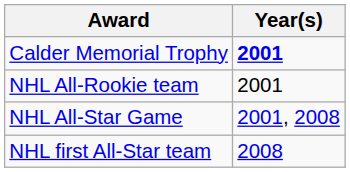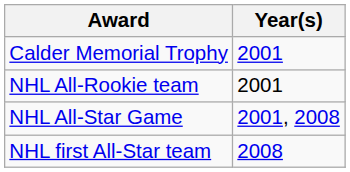 <table class="wikitable">
 <tr>
 <th>Award</th>
 <th>Year(s)</th>
 </tr>
 <tr>
 <td><a href='#'>Calder Memorial Trophy</a></td>
-<td><strong><a href='#'>2001</a></strong></td>
+<td><a href='#'>2001</a></td>
 </tr>
 <tr>
 <td><a href='#'>NHL All-Rookie team</a></td>
 <td>2001</td>
 </tr>
 <tr>
 <td><a href='#'>NHL All-Star Game</a></td>
 <td><a href='#'>2001</a>, <a href='#'>2008</a></td>
 </tr>
 <tr>
 <td><a href='#'>NHL first All-Star team</a></td>
 <td><a href='#'>2008</a></td>
 </tr>
 </table>
